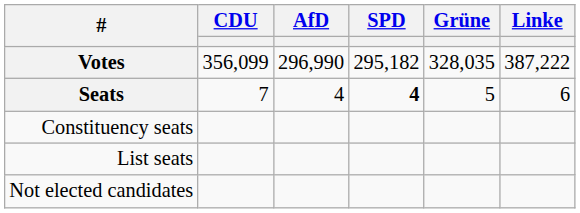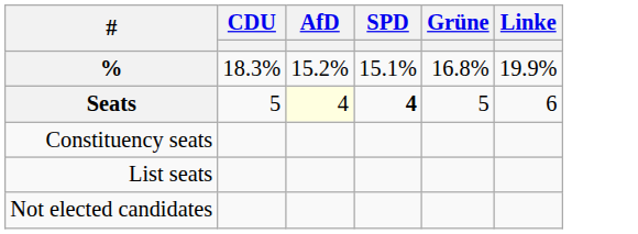 <table class="wikitable" style="text-align:right;vertical-align:top">
 <tr>
 <th rowspan="2">#</th>
 <th class="wikitable sortable"><a href='#'>CDU</a></th>
 <th class="wikitable sortable"><a href='#'>AfD</a></th>
 <th class="wikitable sortable"><a href='#'>SPD</a></th>
 <th class="wikitable sortable"><a href='#'>Grüne</a></th>
 <th class="wikitable sortable"><a href='#'>Linke</a></th>
 </tr>
 <tr>
 <th class="wikitable sortable" style="background:"></th>
 <th class="wikitable sortable" style="background:"></th>
 <th class="wikitable sortable" style="background:"></th>
 <th class="wikitable sortable" style="background:"></th>
 <th class="wikitable sortable" style="background:"></th>
 </tr>
 <tr>
-<th>Votes</th>
-<td>356,099</td>
-<td>296,990</td>
-<td>295,182</td>
-<td>328,035</td>
-<td>387,222</td>
+<th>%</th>
+<td>18.3%</td>
+<td>15.2%</td>
+<td>15.1%</td>
+<td>16.8%</td>
+<td>19.9%</td>
 </tr>
 <tr>
 <th>Seats</th>
-<td>7</td>
-<td>4</td>
+<td>5</td>
+<td style="background: lightyellow;">4</td>
 <td><strong>4</strong></td>
 <td>5</td>
 <td>6</td>
 </tr>
 <tr style="vertical-align:top">
 <td>Constituency seats</td>
 <td></td>
 <td></td>
 <td></td>
 <td></td>
 <td></td>
 </tr>
 <tr style="vertical-align:top">
 <td>List seats</td>
 <td></td>
 <td> </td>
 <td></td>
 <td></td>
 <td> </td>
 </tr>
 <tr style="vertical-align:top">
 <td>Not elected candidates</td>
 <td><div><br>  </div></td>
 <td><div><br> </div></td>
 <td><div><br>  </div></td>
 <td><div><br>    </div></td>
 <td><div><br> </div></td>
 </tr>
 </table>
